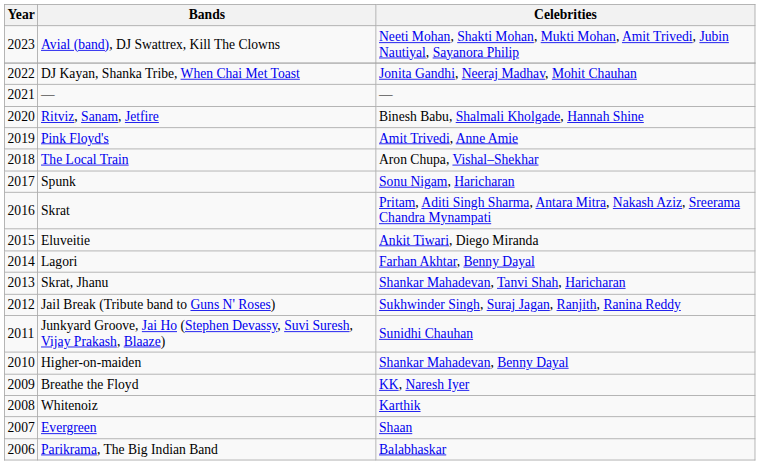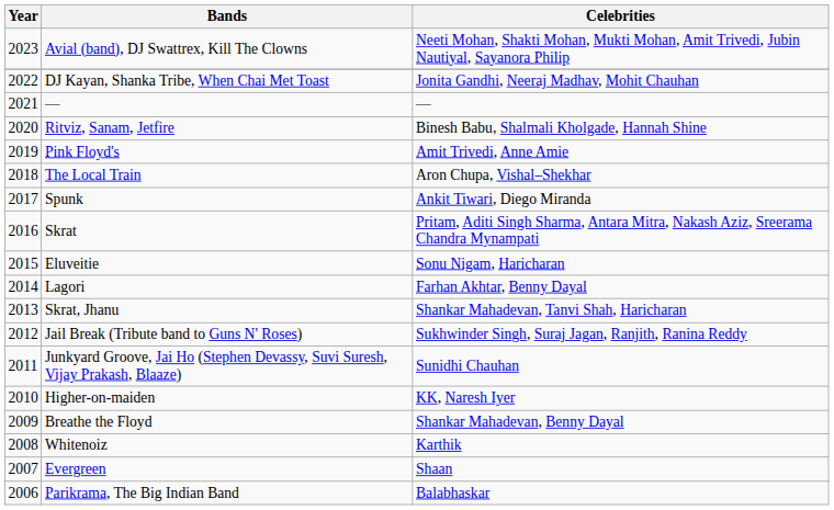 <table class="wikitable sortable" style="margin: 1em auto 1em auto">
 <tr class="unsortable" style="width:150px;">
 <th>Year</th>
 <th>Bands</th>
 <th>Celebrities</th>
 </tr>
 <tr>
 <td>2023</td>
 <td><a href='#'>Avial (band)</a>, DJ Swattrex, Kill The Clowns</td>
 <td><a href='#'>Neeti Mohan</a>, <a href='#'>Shakti Mohan</a>, <a href='#'>Mukti Mohan</a>, <a href='#'>Amit Trivedi</a>, <a href='#'>Jubin Nautiyal</a>, <a href='#'>Sayanora Philip</a></td>
 </tr>
 <tr>
 </tr>
 <tr>
 <td>2022</td>
 <td>DJ Kayan, Shanka Tribe, <a href='#'>When Chai Met Toast</a></td>
 <td><a href='#'>Jonita Gandhi</a>, <a href='#'>Neeraj Madhav</a>, <a href='#'>Mohit Chauhan</a></td>
 </tr>
 <tr>
 <td>2021</td>
 <td>—</td>
 <td>—</td>
 </tr>
 <tr>
 <td>2020</td>
 <td><a href='#'>Ritviz</a>, <a href='#'>Sanam</a>, <a href='#'>Jetfire</a></td>
 <td>Binesh Babu, <a href='#'>Shalmali Kholgade</a>, <a href='#'>Hannah Shine</a></td>
 </tr>
 <tr>
 <td>2019</td>
 <td><a href='#'>Pink Floyd's</a></td>
 <td><a href='#'>Amit Trivedi</a>, <a href='#'>Anne Amie</a></td>
 </tr>
 <tr>
 <td>2018</td>
 <td><a href='#'>The Local Train</a></td>
 <td>Aron Chupa, <a href='#'>Vishal–Shekhar</a></td>
 </tr>
 <tr>
 <td>2017</td>
 <td>Spunk</td>
-<td><a href='#'>Sonu Nigam</a>, <a href='#'>Haricharan</a></td>
+<td><a href='#'>Ankit Tiwari</a>, Diego Miranda</td>
 </tr>
 <tr>
 <td>2016</td>
 <td>Skrat</td>
 <td><a href='#'>Pritam</a>, <a href='#'>Aditi Singh Sharma</a>, <a href='#'>Antara Mitra</a>, <a href='#'>Nakash Aziz</a>, <a href='#'>Sreerama Chandra Mynampati</a></td>
 </tr>
 <tr>
 <td>2015</td>
 <td>Eluveitie</td>
-<td><a href='#'>Ankit Tiwari</a>, Diego Miranda</td>
+<td><a href='#'>Sonu Nigam</a>, <a href='#'>Haricharan</a></td>
 </tr>
 <tr>
 <td>2014</td>
 <td>Lagori</td>
 <td><a href='#'>Farhan Akhtar</a>, <a href='#'>Benny Dayal</a></td>
 </tr>
 <tr>
 <td>2013</td>
 <td>Skrat, Jhanu</td>
 <td><a href='#'>Shankar Mahadevan</a>, <a href='#'>Tanvi Shah</a>, <a href='#'>Haricharan</a></td>
 </tr>
 <tr>
 <td>2012</td>
 <td>Jail Break (Tribute band to <a href='#'>Guns N' Roses</a>)</td>
 <td><a href='#'>Sukhwinder Singh</a>, <a href='#'>Suraj Jagan</a>, <a href='#'>Ranjith</a>, <a href='#'>Ranina Reddy</a></td>
 </tr>
 <tr>
 <td>2011</td>
 <td>Junkyard Groove, <a href='#'>Jai Ho</a> (<a href='#'>Stephen Devassy</a>, <a href='#'>Suvi Suresh</a>, <a href='#'>Vijay Prakash</a>, <a href='#'>Blaaze</a>)</td>
 <td><a href='#'>Sunidhi Chauhan</a></td>
 </tr>
 <tr>
 <td>2010</td>
 <td>Higher-on-maiden</td>
-<td><a href='#'>Shankar Mahadevan</a>, <a href='#'>Benny Dayal</a></td>
+<td><a href='#'>KK</a>, <a href='#'>Naresh Iyer</a></td>
 </tr>
 <tr>
 <td>2009</td>
 <td>Breathe the Floyd</td>
-<td><a href='#'>KK</a>, <a href='#'>Naresh Iyer</a></td>
+<td><a href='#'>Shankar Mahadevan</a>, <a href='#'>Benny Dayal</a></td>
 </tr>
 <tr>
 <td>2008</td>
 <td>Whitenoiz</td>
 <td><a href='#'>Karthik</a></td>
 </tr>
 <tr>
 <td>2007</td>
 <td><a href='#'>Evergreen</a></td>
 <td><a href='#'>Shaan</a></td>
 </tr>
 <tr>
 <td>2006</td>
 <td><a href='#'>Parikrama</a>, The Big Indian Band</td>
 <td><a href='#'>Balabhaskar</a></td>
 </tr>
 </table>
